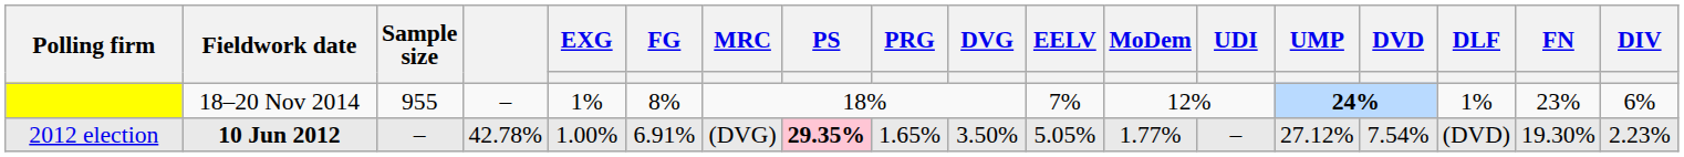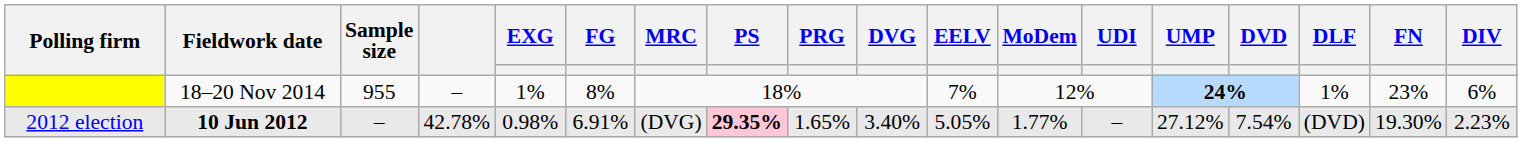 <table class="wikitable sortable" style="text-align:center;font-size:90%;line-height:14px;">
 <tr style="height:40px;">
 <th style="width:100px;" rowspan="2">Polling firm</th>
 <th style="width:110px;" rowspan="2">Fieldwork date</th>
 <th style="width:35px;" rowspan="2">Sample<br>size</th>
 <th style="width:30px;" rowspan="2"></th>
 <th class="unsortable" style="width:40px;"><a href='#'>EXG</a></th>
 <th class="unsortable" style="width:40px;"><a href='#'>FG</a></th>
 <th class="unsortable" style="width:40px;"><a href='#'>MRC</a></th>
 <th class="unsortable" style="width:40px;"><a href='#'>PS</a></th>
 <th class="unsortable" style="width:40px;"><a href='#'>PRG</a></th>
 <th class="unsortable" style="width:40px;"><a href='#'>DVG</a></th>
 <th class="unsortable" style="width:40px;"><a href='#'>EELV</a></th>
 <th class="unsortable" style="width:40px;"><a href='#'>MoDem</a></th>
 <th class="unsortable" style="width:40px;"><a href='#'>UDI</a></th>
 <th class="unsortable" style="width:40px;"><a href='#'>UMP</a></th>
 <th class="unsortable" style="width:40px;"><a href='#'>DVD</a></th>
 <th class="unsortable" style="width:40px;"><a href='#'>DLF</a></th>
 <th class="unsortable" style="width:40px;"><a href='#'>FN</a></th>
 <th class="unsortable" style="width:40px;"><a href='#'>DIV</a></th>
 </tr>
 <tr>
 <th style="background:"></th>
 <th style="background:"></th>
 <th style="background:"></th>
 <th style="background:"></th>
 <th style="background:"></th>
 <th style="background:"></th>
 <th style="background:"></th>
 <th style="background:"></th>
 <th style="background:"></th>
 <th style="background:"></th>
 <th style="background:"></th>
 <th style="background:"></th>
 <th style="background:"></th>
 <th style="background:"></th>
 </tr>
 <tr>
 <td style="background:yellow;"></td>
 <td data-sort-value="2014-11-20">18–20 Nov 2014</td>
 <td>955</td>
 <td>–</td>
 <td>1%</td>
 <td>8%</td>
 <td colspan="4">18%</td>
 <td>7%</td>
 <td colspan="2">12%</td>
 <td style="background:#B9DAFF;" colspan="2"><strong>24%</strong></td>
 <td>1%</td>
 <td>23%</td>
 <td>6%</td>
 </tr>
 <tr style="background:#E9E9E9;">
 <td><a href='#'>2012 election</a></td>
 <td data-sort-value="2012-06-10"><strong>10 Jun 2012</strong></td>
 <td>–</td>
 <td>42.78%</td>
-<td>1.00%</td>
+<td>0.98%</td>
 <td>6.91%</td>
 <td>(DVG)</td>
 <td style="background:#FFC6D5;"><strong>29.35%</strong></td>
 <td>1.65%</td>
-<td>3.50%</td>
+<td>3.40%</td>
 <td>5.05%</td>
 <td>1.77%</td>
 <td>–</td>
 <td>27.12%</td>
 <td>7.54%</td>
 <td>(DVD)</td>
 <td>19.30%</td>
 <td>2.23%</td>
 </tr>
 </table>
